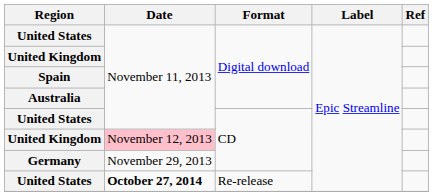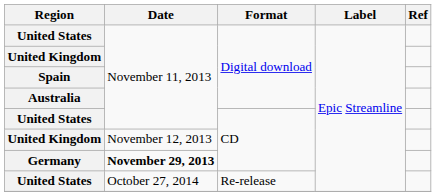 <table class="wikitable plainrowheaders">
 <tr>
 <th scope="col">Region</th>
 <th scope="col">Date</th>
 <th scope="col">Format</th>
 <th scope="col">Label</th>
 <th scope="col">Ref</th>
 </tr>
 <tr>
 <th scope="row">United States</th>
 <td rowspan="5">November 11, 2013</td>
 <td rowspan="4"><a href='#'>Digital download</a></td>
 <td rowspan="8"><a href='#'>Epic</a> <a href='#'>Streamline</a></td>
 <td style="text-align:center;"></td>
 </tr>
 <tr>
 <th scope="row">United Kingdom</th>
 <td style="text-align:center;"></td>
 </tr>
 <tr>
 <th scope="row">Spain</th>
 <td style="text-align:center;"></td>
 </tr>
 <tr>
 <th scope="row">Australia</th>
 <td style="text-align:center;"></td>
 </tr>
 <tr>
 <th scope="row">United States</th>
 <td rowspan="3">CD</td>
 <td style="text-align:center;"></td>
 </tr>
 <tr>
 <th scope="row">United Kingdom</th>
-<td style="background: pink;">November 12, 2013</td>
+<td>November 12, 2013</td>
 <td style="text-align:center;"></td>
 </tr>
 <tr>
 <th scope="row">Germany</th>
-<td>November 29, 2013</td>
+<td><strong>November 29, 2013</strong></td>
 <td style="text-align:center;"></td>
 </tr>
 <tr>
 <th scope="row">United States</th>
-<td><strong>October 27, 2014</strong></td>
+<td>October 27, 2014</td>
 <td>Re-release</td>
 <td style="text-align:center;"></td>
 </tr>
 <tr>
 </tr>
 </table>
